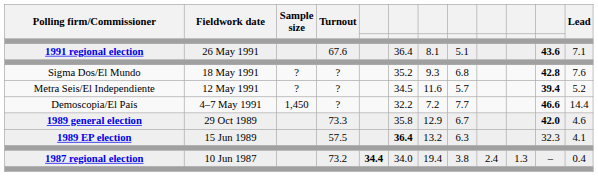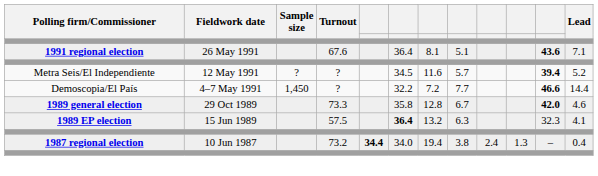 <table class="wikitable collapsible collapsed" style="text-align:center; font-size:95%; line-height:16px;">
 <tr style="height:42px;">
 <th style="width:250px;" rowspan="2">Polling firm/Commissioner</th>
 <th style="width:125px;" rowspan="2">Fieldwork date</th>
 <th style="width:50px;" rowspan="2">Sample size</th>
 <th style="width:45px;" rowspan="2">Turnout</th>
 <th style="width:35px;"></th>
 <th style="width:35px;"></th>
 <th style="width:35px;"></th>
 <th style="width:35px;"></th>
 <th style="width:35px;"></th>
 <th style="width:35px;"></th>
 <th style="width:35px;"></th>
 <th style="width:30px;" rowspan="2">Lead</th>
 </tr>
 <tr>
 <th style="color:inherit;background:"></th>
 <th style="color:inherit;background:"></th>
 <th style="color:inherit;background:"></th>
 <th style="color:inherit;background:"></th>
 <th style="color:inherit;background:"></th>
 <th style="color:inherit;background:"></th>
 <th style="color:inherit;background:"></th>
 </tr>
 <tr>
 <td colspan="12" style="background:#A0A0A0"></td>
 </tr>
 <tr style="background:#EFEFEF;">
 <td><strong><a href='#'>1991 regional election</a></strong></td>
 <td>26 May 1991</td>
 <td></td>
 <td>67.6</td>
 <td></td>
 <td>36.4<br></td>
 <td>8.1<br></td>
 <td>5.1<br></td>
 <td></td>
 <td></td>
 <td><strong>43.6</strong><br></td>
 <td style="background:">7.1</td>
 </tr>
 <tr>
 <td colspan="12" style="background:#A0A0A0"></td>
 </tr>
 <tr>
-<td>Sigma Dos/El Mundo</td>
-<td>18 May 1991</td>
-<td>?</td>
-<td>?</td>
-<td></td>
-<td>35.2<br></td>
-<td>9.3<br></td>
-<td>6.8<br></td>
-<td></td>
-<td></td>
-<td><strong>42.8</strong><br></td>
-<td style="background:">7.6</td>
-</tr>
-<tr>
 <td>Metra Seis/El Independiente</td>
 <td>12 May 1991</td>
 <td>?</td>
 <td>?</td>
 <td></td>
 <td>34.5<br></td>
 <td>11.6<br></td>
 <td>5.7<br></td>
 <td></td>
 <td></td>
 <td><strong>39.4</strong><br></td>
 <td style="background:">5.2</td>
 </tr>
 <tr>
 <td>Demoscopia/El País</td>
 <td>4–7 May 1991</td>
 <td>1,450</td>
 <td>?</td>
 <td></td>
 <td>32.2<br></td>
 <td>7.2<br></td>
 <td>7.7<br></td>
 <td></td>
 <td></td>
 <td><strong>46.6</strong><br></td>
 <td style="background:">14.4</td>
 </tr>
 <tr style="background:#EFEFEF;">
 <td><strong><a href='#'>1989 general election</a></strong></td>
 <td>29 Oct 1989</td>
 <td></td>
 <td>73.3</td>
 <td></td>
 <td>35.8<br></td>
-<td>12.9<br></td>
+<td>12.8<br></td>
 <td>6.7<br></td>
 <td></td>
 <td></td>
 <td><strong>42.0</strong><br></td>
 <td style="background:">4.6</td>
 </tr>
 <tr style="background:#EFEFEF;">
 <td><strong><a href='#'>1989 EP election</a></strong></td>
 <td>15 Jun 1989</td>
 <td></td>
 <td>57.5</td>
 <td></td>
 <td><strong>36.4</strong><br></td>
 <td>13.2<br></td>
 <td>6.3<br></td>
 <td></td>
 <td></td>
 <td>32.3<br></td>
 <td style="background:">4.1</td>
 </tr>
 <tr>
 <td colspan="12" style="background:#A0A0A0"></td>
 </tr>
 <tr style="background:#EFEFEF;">
 <td><strong><a href='#'>1987 regional election</a></strong></td>
 <td>10 Jun 1987</td>
 <td></td>
 <td>73.2</td>
 <td><strong>34.4</strong><br></td>
 <td>34.0<br></td>
 <td>19.4<br></td>
 <td>3.8<br></td>
 <td>2.4<br></td>
 <td>1.3<br></td>
 <td>–</td>
 <td style="background:">0.4</td>
 </tr>
 <tr>
 <td colspan="12" style="background:#A0A0A0"></td>
 </tr>
 </table>
